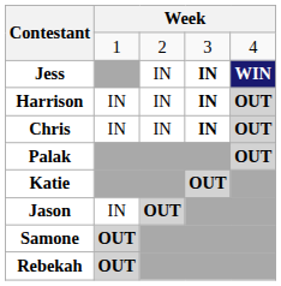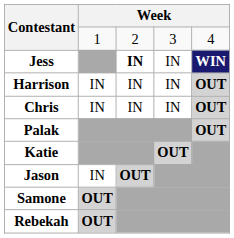 <table class="wikitable" align="" style="text-align:center">
 <tr>
 <th rowspan="2">Contestant</th>
 <th colspan="4">Week</th>
 </tr>
 <tr>
 <td>1</td>
 <td>2</td>
 <td>3</td>
 <td>4</td>
 </tr>
 <tr>
 <td style="background:white;"><strong>Jess</strong></td>
 <td style="background:darkgray;"></td>
+<td style="background:white;"><strong>IN</strong></td>
 <td style="background:white;">IN</td>
-<td style="background:white;"><strong>IN</strong></td>
 <td style="background:midnightblue;color:#fff;"><strong>WIN</strong></td>
 </tr>
 <tr>
 <td style="background:white;"><strong>Harrison</strong></td>
 <td style="background:white;">IN</td>
 <td style="background:white;">IN</td>
-<td style="background:white;"><strong>IN</strong></td>
+<td style="background:white;">IN</td>
 <td style="background:lightgray;"><strong>OUT</strong></td>
 </tr>
 <tr>
 <td style="background:white;"><strong>Chris</strong></td>
 <td style="background:white;">IN</td>
 <td style="background:white;">IN</td>
-<td style="background:white;"><strong>IN</strong></td>
+<td style="background:white;">IN</td>
 <td style="background:lightgray;"><strong>OUT</strong></td>
 </tr>
 <tr>
 <td style="background:white;"><strong>Palak</strong></td>
 <td colspan=3 style="background:darkgray;"></td>
 <td style="background:lightgray;"><strong>OUT</strong></td>
 </tr>
 <tr>
 <td style="background:white;"><strong>Katie</strong></td>
 <td colspan=2 style="background:darkgray;"></td>
 <td style="background:lightgray;"><strong>OUT</strong></td>
 <td colspan=2 style="background:darkgray;"></td>
 </tr>
 <tr>
 <td style="background:white;"><strong>Jason</strong></td>
 <td style="background:white;">IN</td>
 <td style="background:lightgray;"><strong>OUT</strong></td>
 <td colspan=2 style="background:darkgray;"></td>
 </tr>
 <tr>
 <td style="background:white;"><strong>Samone</strong></td>
 <td style="background:lightgray;"><strong>OUT</strong></td>
 <td colspan=3 style="background:darkgray;"></td>
 </tr>
 <tr>
 <td style="background:white;"><strong>Rebekah</strong></td>
 <td style="background:lightgray;"><strong>OUT</strong></td>
 <td colspan=3 style="background:darkgray;"></td>
 </tr>
 </table>
